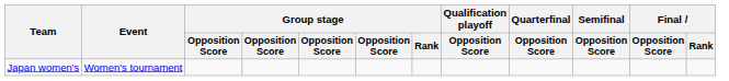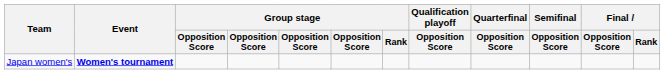 <table class="wikitable" style="font-size:90%">
 <tr>
 <th rowspan=2>Team</th>
 <th rowspan=2>Event</th>
 <th colspan="5">Group stage</th>
 <th>Qualification<br>playoff</th>
 <th>Quarterfinal</th>
 <th>Semifinal</th>
 <th colspan=2>Final / </th>
 </tr>
 <tr style="font-size:95%">
 <th>Opposition<br>Score</th>
 <th>Opposition<br>Score</th>
 <th>Opposition<br>Score</th>
 <th>Opposition<br>Score</th>
 <th>Rank</th>
 <th>Opposition<br>Score</th>
 <th>Opposition<br>Score</th>
 <th>Opposition<br>Score</th>
 <th>Opposition<br>Score</th>
 <th>Rank</th>
 </tr>
 <tr align=center>
 <td align=left><a href='#'>Japan women's</a></td>
-<td align=left><a href='#'>Women's tournament</a></td>
+<td align=left><strong><a href='#'>Women's tournament</a></strong></td>
 <td></td>
 <td></td>
 <td></td>
 <td></td>
 <td></td>
 <td></td>
 <td></td>
 <td></td>
 <td></td>
 <td></td>
 </tr>
 </table>
